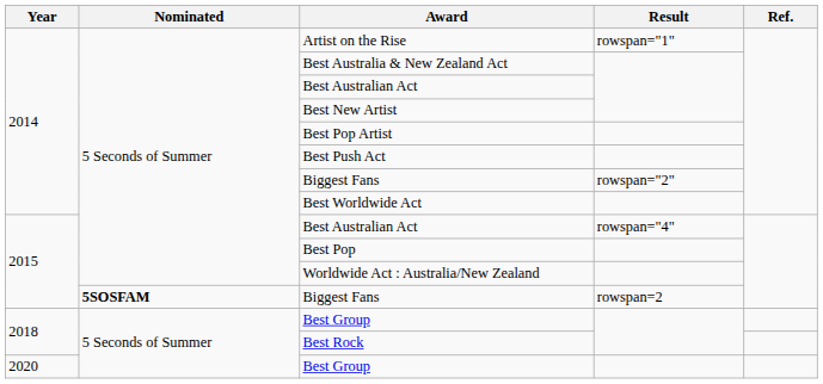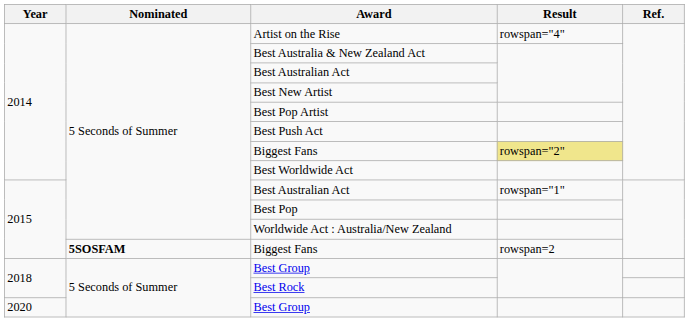 <table class="wikitable" style="width:100%;">
 <tr>
 <th width=5%>Year</th>
 <th style="width:15%;">Nominated</th>
 <th style="width:20%;">Award</th>
 <th style="width:10%;">Result</th>
 <th style="width:5%;">Ref.</th>
 </tr>
 <tr>
 <td rowspan="8">2014</td>
 <td rowspan="11">5 Seconds of Summer</td>
 <td>Artist on the Rise</td>
-<td>rowspan="1" </td>
+<td>rowspan="4" </td>
 <td rowspan="8"></td>
 </tr>
 <tr>
 <td>Best Australia & New Zealand Act</td>
 </tr>
 <tr>
 <td>Best Australian Act</td>
 </tr>
 <tr>
 <td>Best New Artist</td>
 </tr>
 <tr>
 <td>Best Pop Artist</td>
 <td></td>
 </tr>
 <tr>
 <td>Best Push Act</td>
 <td></td>
 </tr>
 <tr>
 <td>Biggest Fans</td>
-<td>rowspan="2" </td>
+<td style="background: khaki;">rowspan="2" </td>
 </tr>
 <tr>
 <td>Best Worldwide Act</td>
 </tr>
 <tr>
 <td rowspan="4">2015</td>
 <td>Best Australian Act</td>
-<td>rowspan="4" </td>
+<td>rowspan="1" </td>
 <td rowspan="4"></td>
 </tr>
 <tr>
 <td>Best Pop</td>
 <td></td>
 </tr>
 <tr>
 <td>Worldwide Act : Australia/New Zealand</td>
 <td></td>
 </tr>
 <tr>
 <td><strong>5SOSFAM</strong></td>
 <td>Biggest Fans</td>
 <td>rowspan=2 </td>
 </tr>
 <tr>
 <td rowspan="2">2018</td>
 <td rowspan="3">5 Seconds of Summer</td>
 <td><a href='#'>Best Group</a></td>
 <td rowspan="2"></td>
 </tr>
 <tr>
 <td><a href='#'>Best Rock</a></td>
 <td></td>
 </tr>
 <tr>
 <td>2020</td>
 <td><a href='#'>Best Group</a></td>
 <td></td>
 <td></td>
 </tr>
 </table>
